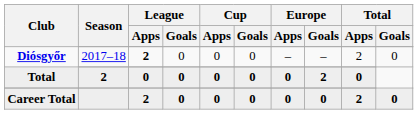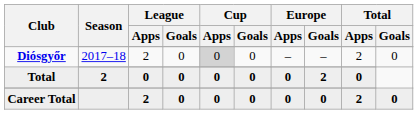 <table class="wikitable" style="font-size:90%; text-align: center;">
 <tr>
 <th rowspan="2">Club</th>
 <th rowspan="2">Season</th>
 <th colspan="2">League</th>
 <th colspan="2">Cup</th>
 <th colspan="2">Europe</th>
 <th colspan="2">Total</th>
 </tr>
 <tr>
 <th>Apps</th>
 <th>Goals</th>
 <th>Apps</th>
 <th>Goals</th>
 <th>Apps</th>
 <th>Goals</th>
 <th>Apps</th>
 <th>Goals</th>
 </tr>
 <tr ||-||-||-|->
 <td rowspan="3" valign="center"><strong><a href='#'>Diósgyőr</a></strong></td>
 </tr>
 <tr>
 <td><a href='#'>2017–18</a></td>
-<td><strong>2</strong></td>
+<td>2</td>
 <td>0</td>
-<td>0</td>
+<td style="background: lightgrey;">0</td>
 <td>0</td>
 <td>–</td>
 <td>–</td>
 <td>2</td>
 <td>0</td>
 </tr>
 <tr>
 </tr>
 <tr style="font-weight:bold; background-color:#eeeeee;">
 <td>Total</td>
 <td>2</td>
 <td>0</td>
 <td>0</td>
 <td>0</td>
 <td>0</td>
 <td>0</td>
 <td>2</td>
 <td>0</td>
 </tr>
 <tr>
 </tr>
 <tr style="font-weight:bold; background-color:#eeeeee;">
 <td rowspan="2" valign="top"><strong>Career Total</strong></td>
 <td></td>
 <td><strong>2</strong></td>
 <td><strong>0</strong></td>
 <td><strong>0</strong></td>
 <td><strong>0</strong></td>
 <td><strong>0</strong></td>
 <td><strong>0</strong></td>
 <td><strong>2</strong></td>
 <td><strong>0</strong></td>
 </tr>
 </table>
